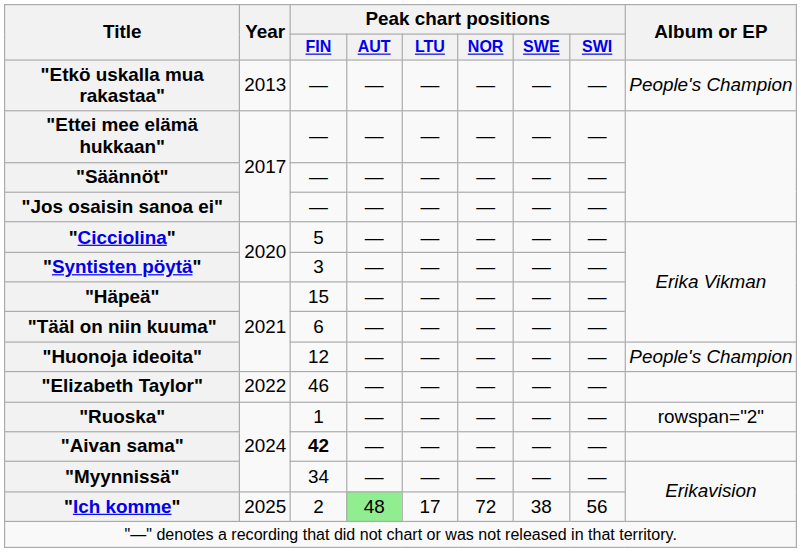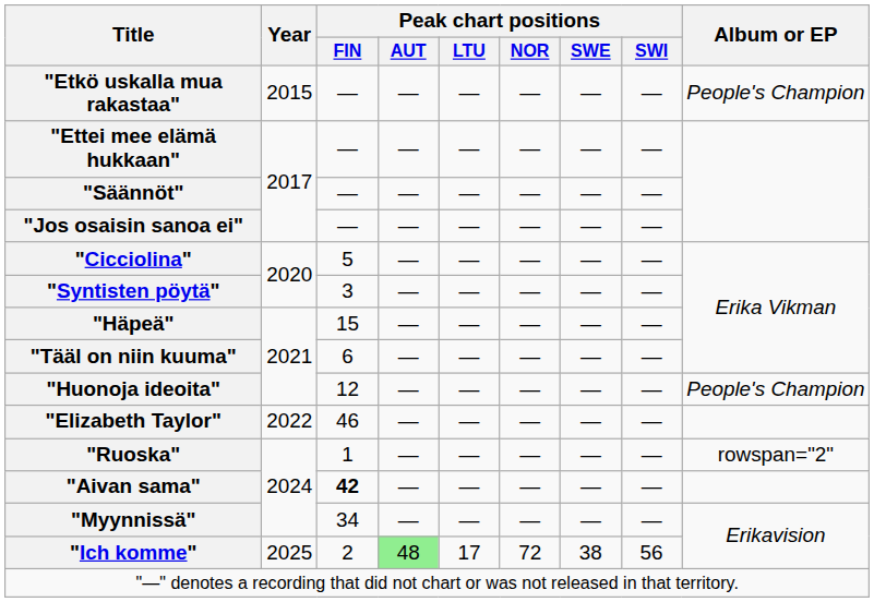 <table class="wikitable plainrowheaders" style="text-align:center;">
 <tr>
 <th scope="col" rowspan="2" style="width:12em;">Title</th>
 <th scope="col" rowspan="2">Year</th>
 <th scope="col" colspan="6">Peak chart positions</th>
 <th scope="col" rowspan="2">Album or EP</th>
 </tr>
 <tr>
 <th scope="col" style="width:3em;font-size:85%;"><a href='#'>FIN</a><br></th>
 <th scope="col" style="width:3em;font-size:85%;"><a href='#'>AUT</a><br></th>
 <th scope="col" style="width:3em;font-size:85%;"><a href='#'>LTU</a><br></th>
 <th scope="col" style="width:3em;font-size:85%;"><a href='#'>NOR</a><br></th>
 <th scope="col" style="width:3em;font-size:85%;"><a href='#'>SWE</a><br></th>
 <th scope="col" style="width:3em;font-size:85%;"><a href='#'>SWI</a><br></th>
 </tr>
 <tr>
 <th scope="row">"Etkö uskalla mua rakastaa"</th>
-<td>2013</td>
+<td>2015</td>
 <td>—</td>
 <td>—</td>
 <td>—</td>
 <td>—</td>
 <td>—</td>
 <td>—</td>
 <td><em>People's Champion</em></td>
 </tr>
 <tr>
 <th scope="row">"Ettei mee elämä hukkaan"</th>
 <td rowspan="3">2017</td>
 <td>—</td>
 <td>—</td>
 <td>—</td>
 <td>—</td>
 <td>—</td>
 <td>—</td>
 </tr>
 <tr>
 <th scope="row">"Säännöt"</th>
 <td>—</td>
 <td>—</td>
 <td>—</td>
 <td>—</td>
 <td>—</td>
 <td>—</td>
 </tr>
 <tr>
 <th scope="row">"Jos osaisin sanoa ei"</th>
 <td>—</td>
 <td>—</td>
 <td>—</td>
 <td>—</td>
 <td>—</td>
 <td>—</td>
 </tr>
 <tr>
 <th scope="row">"<a href='#'>Cicciolina</a>"</th>
 <td rowspan="2">2020</td>
 <td>5</td>
 <td>—</td>
 <td>—</td>
 <td>—</td>
 <td>—</td>
 <td>—</td>
 <td rowspan="4"><em>Erika Vikman</em></td>
 </tr>
 <tr>
 <th scope="row">"<a href='#'>Syntisten pöytä</a>"</th>
 <td>3</td>
 <td>—</td>
 <td>—</td>
 <td>—</td>
 <td>—</td>
 <td>—</td>
 </tr>
 <tr>
 <th scope="row">"Häpeä"</th>
 <td rowspan="3">2021</td>
 <td>15</td>
 <td>—</td>
 <td>—</td>
 <td>—</td>
 <td>—</td>
 <td>—</td>
 </tr>
 <tr>
 <th scope="row">"Tääl on niin kuuma"<br></th>
 <td>6</td>
 <td>—</td>
 <td>—</td>
 <td>—</td>
 <td>—</td>
 <td>—</td>
 </tr>
 <tr>
 <th scope="row">"Huonoja ideoita"<br></th>
 <td>12</td>
 <td>—</td>
 <td>—</td>
 <td>—</td>
 <td>—</td>
 <td>—</td>
 <td><em>People's Champion</em></td>
 </tr>
 <tr>
 <th scope="row">"Elizabeth Taylor"</th>
 <td>2022</td>
 <td>46</td>
 <td>—</td>
 <td>—</td>
 <td>—</td>
 <td>—</td>
 <td>—</td>
 </tr>
 <tr>
 <th scope="row">"Ruoska"<br></th>
 <td rowspan="3">2024</td>
 <td>1</td>
 <td>—</td>
 <td>—</td>
 <td>—</td>
 <td>—</td>
 <td>—</td>
 <td>rowspan="2" </td>
 </tr>
 <tr>
 <th scope="row">"Aivan sama"<br></th>
 <td><strong>42<br></strong></td>
 <td>—</td>
 <td>—</td>
 <td>—</td>
 <td>—</td>
 <td>—</td>
 <td></td>
 </tr>
 <tr>
 <th scope="row">"Myynnissä"</th>
 <td>34</td>
 <td>—</td>
 <td>—</td>
 <td>—</td>
 <td>—</td>
 <td>—</td>
 <td rowspan="2"><em>Erikavision</em></td>
 </tr>
 <tr>
 <th scope="row">"<a href='#'>Ich komme</a>"</th>
 <td>2025</td>
 <td>2</td>
 <td style="background: lightgreen;">48</td>
 <td>17</td>
 <td>72</td>
 <td>38</td>
 <td>56</td>
 </tr>
 <tr>
 <td colspan="11" style="font-size:85%">"—" denotes a recording that did not chart or was not released in that territory.</td>
 </tr>
 </table>
